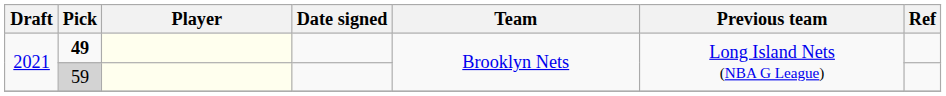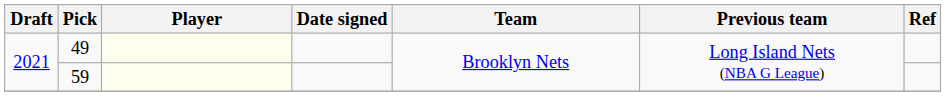 <table class="wikitable sortable" style="text-align:left">
 <tr>
 <th style="width:40px">Draft</th>
 <th style="width:30px">Pick</th>
 <th style="width:160px">Player</th>
 <th style="width:80px">Date signed</th>
 <th style="width:210px">Team</th>
 <th style="width:225px">Previous team</th>
 <th class="unsortbale">Ref</th>
 </tr>
 <tr>
 <td rowspan=2 align=center><a href='#'>2021</a></td>
-<td align=center><strong>49</strong></td>
+<td align=center>49</td>
 <td style="width:20px; background:#ffe;"></td>
 <td style="text-align:center"></td>
 <td rowspan=2 align=center><a href='#'>Brooklyn Nets</a></td>
 <td rowspan=2 align=center><a href='#'>Long Island Nets</a><br><small>(<a href='#'>NBA G League</a>)</small></td>
 <td align=center></td>
 </tr>
 <tr>
-<td align=center style="background: lightgrey;">59</td>
+<td align=center>59</td>
 <td style="width:20px; background:#ffe;"></td>
 <td style="text-align:center"></td>
 <td align=center></td>
 </tr>
 <tr>
 </tr>
 </table>
